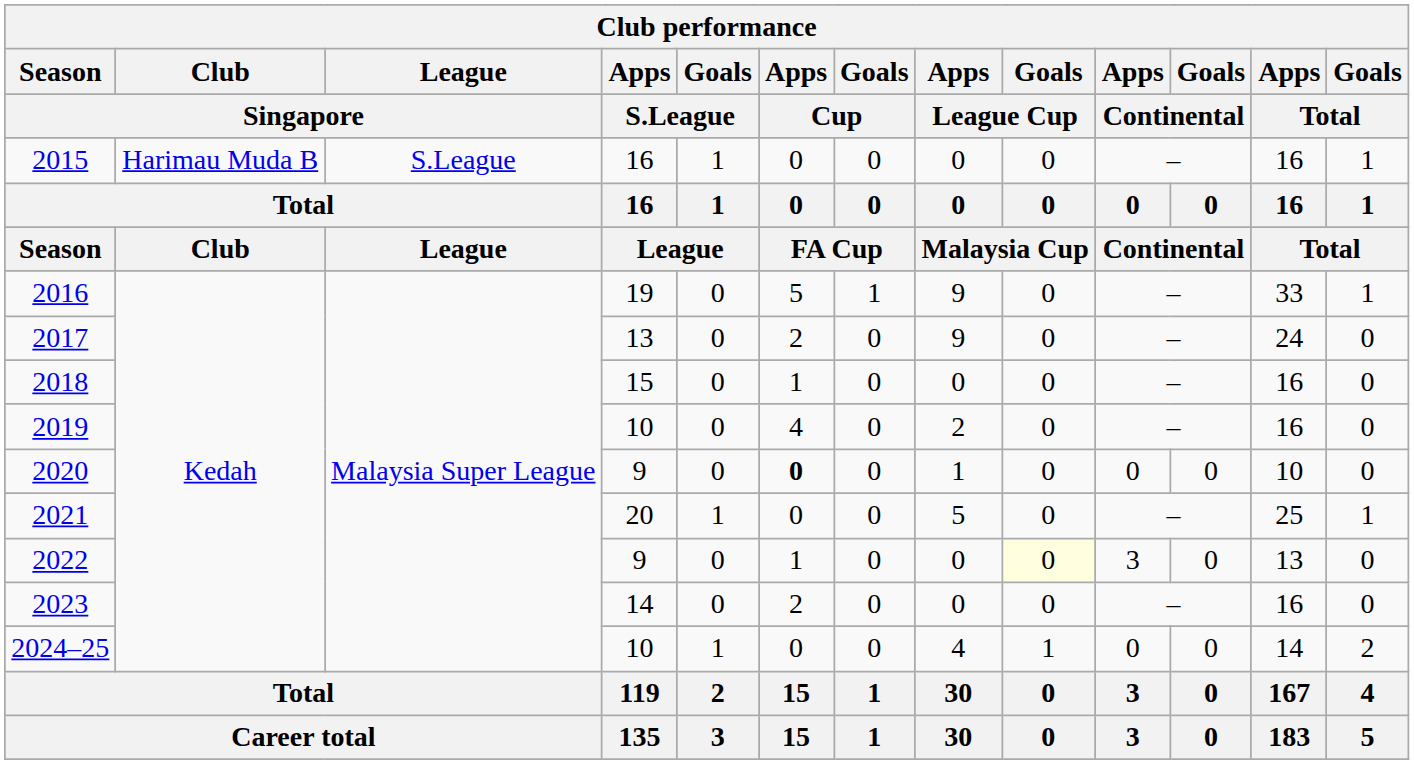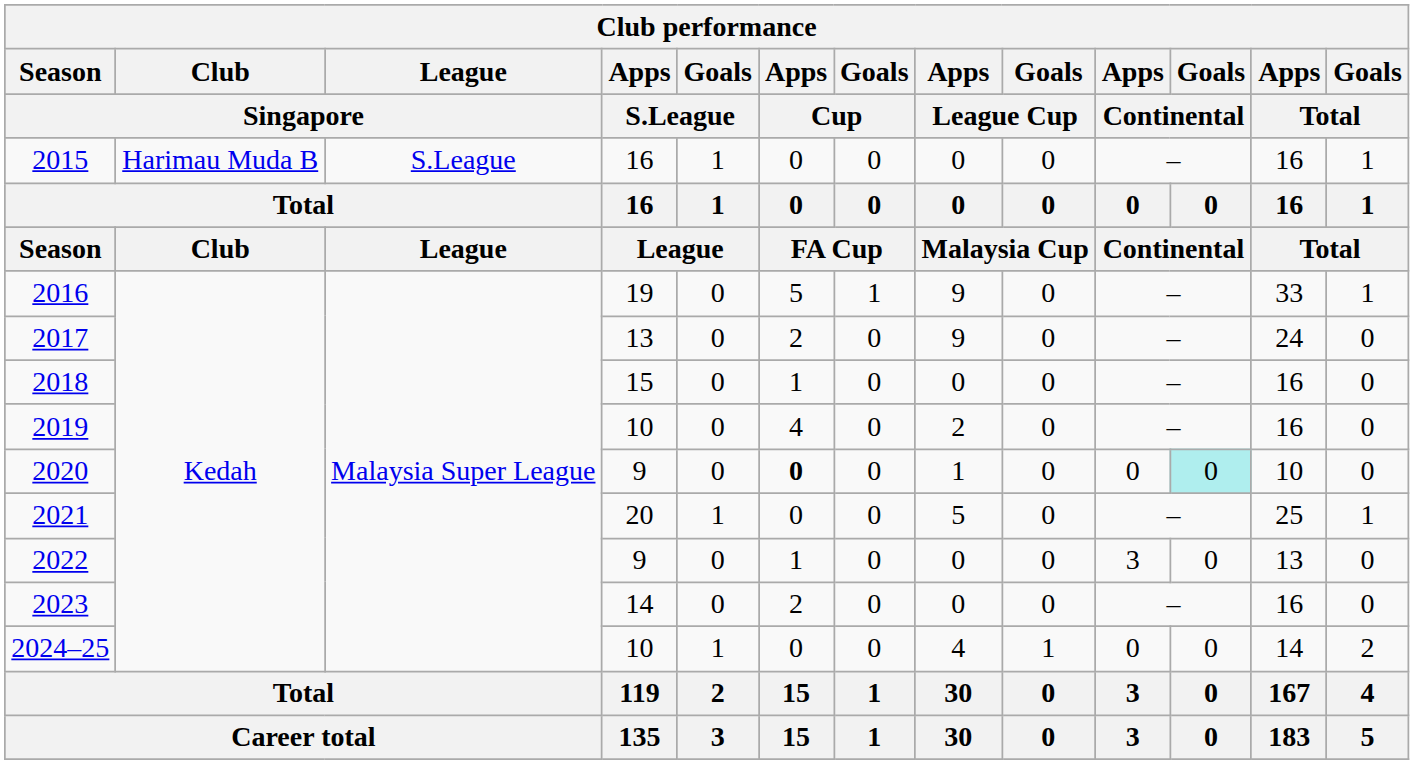 <table class="wikitable" style="text-align:center">
 <tr>
 <th colspan=13>Club performance</th>
 </tr>
 <tr>
 <th>Season</th>
 <th>Club</th>
 <th>League</th>
 <th>Apps</th>
 <th>Goals</th>
 <th>Apps</th>
 <th>Goals</th>
 <th>Apps</th>
 <th>Goals</th>
 <th>Apps</th>
 <th>Goals</th>
 <th>Apps</th>
 <th>Goals</th>
 </tr>
 <tr>
 <th colspan=3>Singapore</th>
 <th colspan=2>S.League</th>
 <th colspan=2>Cup</th>
 <th colspan=2>League Cup</th>
 <th colspan=2>Continental</th>
 <th colspan=2>Total</th>
 </tr>
 <tr>
 <td><a href='#'>2015</a></td>
 <td rowspan="1"><a href='#'>Harimau Muda B</a></td>
 <td rowspan="1"><a href='#'>S.League</a></td>
 <td>16</td>
 <td>1</td>
 <td>0</td>
 <td>0</td>
 <td>0</td>
 <td>0</td>
 <td colspan="2">–</td>
 <td>16</td>
 <td>1</td>
 </tr>
 <tr>
 <th colspan="3" valign="center">Total</th>
 <th>16</th>
 <th>1</th>
 <th>0</th>
 <th>0</th>
 <th>0</th>
 <th>0</th>
 <th>0</th>
 <th>0</th>
 <th>16</th>
 <th>1</th>
 </tr>
 <tr>
 <th rowspan="1">Season</th>
 <th rowspan="1">Club</th>
 <th rowspan="1">League</th>
 <th colspan="2">League</th>
 <th colspan="2">FA Cup</th>
 <th colspan="2">Malaysia Cup</th>
 <th colspan="2">Continental</th>
 <th colspan="2">Total</th>
 </tr>
 <tr>
 <td><a href='#'>2016</a></td>
 <td rowspan="9"><a href='#'>Kedah</a></td>
 <td rowspan="9"><a href='#'>Malaysia Super League</a></td>
 <td>19</td>
 <td>0</td>
 <td>5</td>
 <td>1</td>
 <td>9</td>
 <td>0</td>
 <td colspan="2">–</td>
 <td>33</td>
 <td>1</td>
 </tr>
 <tr>
 <td><a href='#'>2017</a></td>
 <td>13</td>
 <td>0</td>
 <td>2</td>
 <td>0</td>
 <td>9</td>
 <td>0</td>
 <td colspan="2">–</td>
 <td>24</td>
 <td>0</td>
 </tr>
 <tr>
 <td><a href='#'>2018</a></td>
 <td>15</td>
 <td>0</td>
 <td>1</td>
 <td>0</td>
 <td>0</td>
 <td>0</td>
 <td colspan="2">–</td>
 <td>16</td>
 <td>0</td>
 </tr>
 <tr>
 <td><a href='#'>2019</a></td>
 <td>10</td>
 <td>0</td>
 <td>4</td>
 <td>0</td>
 <td>2</td>
 <td>0</td>
 <td colspan="2">–</td>
 <td>16</td>
 <td>0</td>
 </tr>
 <tr>
 <td><a href='#'>2020</a></td>
 <td>9</td>
 <td>0</td>
 <td><strong>0</strong></td>
 <td>0</td>
 <td>1</td>
 <td>0</td>
 <td>0</td>
-<td>0</td>
+<td style="background: paleturquoise;">0</td>
 <td>10</td>
 <td>0</td>
 </tr>
 <tr>
 <td><a href='#'>2021</a></td>
 <td>20</td>
 <td>1</td>
 <td>0</td>
 <td>0</td>
 <td>5</td>
 <td>0</td>
 <td colspan="2">–</td>
 <td>25</td>
 <td>1</td>
 </tr>
 <tr>
 <td><a href='#'>2022</a></td>
 <td>9</td>
 <td>0</td>
 <td>1</td>
 <td>0</td>
 <td>0</td>
-<td style="background: lightyellow;">0</td>
+<td>0</td>
 <td>3</td>
 <td>0</td>
 <td>13</td>
 <td>0</td>
 </tr>
 <tr>
 <td><a href='#'>2023</a></td>
 <td>14</td>
 <td>0</td>
 <td>2</td>
 <td>0</td>
 <td>0</td>
 <td>0</td>
 <td colspan="2">–</td>
 <td>16</td>
 <td>0</td>
 </tr>
 <tr>
 <td><a href='#'>2024–25</a></td>
 <td>10</td>
 <td>1</td>
 <td>0</td>
 <td>0</td>
 <td>4</td>
 <td>1</td>
 <td>0</td>
 <td>0</td>
 <td>14</td>
 <td>2</td>
 </tr>
 <tr>
 <th colspan="3" valign="center">Total</th>
 <th>119</th>
 <th>2</th>
 <th>15</th>
 <th>1</th>
 <th>30</th>
 <th>0</th>
 <th>3</th>
 <th>0</th>
 <th>167</th>
 <th>4</th>
 </tr>
 <tr>
 <th colspan="3">Career total</th>
 <th>135</th>
 <th>3</th>
 <th>15</th>
 <th>1</th>
 <th>30</th>
 <th>0</th>
 <th>3</th>
 <th>0</th>
 <th>183</th>
 <th>5</th>
 </tr>
 </table>
